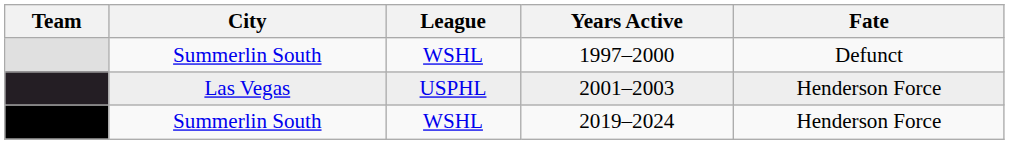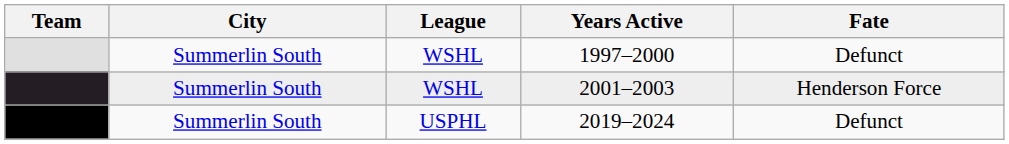 <table class="wikitable sortable" width="60%">
 <tr>
 <th>Team</th>
 <th>City</th>
 <th>League</th>
 <th>Years Active</th>
 <th>Fate</th>
 </tr>
 <tr align=center>
 <td style="color:white; background:#e0e0e0; "><strong></strong></td>
 <td><a href='#'>Summerlin South</a></td>
 <td><a href='#'>WSHL</a></td>
 <td>1997–2000</td>
 <td>Defunct</td>
 </tr>
 <tr align=center bgcolor=eeeeee>
 <td style="color:white; background:#241e24; "><strong><a href='#'></a></strong></td>
-<td><a href='#'>Las Vegas</a></td>
-<td><a href='#'>USPHL</a></td>
+<td><a href='#'>Summerlin South</a></td>
+<td><a href='#'>WSHL</a></td>
 <td>2001–2003</td>
 <td>Henderson Force</td>
 </tr>
 <tr align=center>
 <td style="color:white; background:#000000; "><strong><a href='#'></a></strong></td>
 <td><a href='#'>Summerlin South</a></td>
-<td><a href='#'>WSHL</a></td>
+<td><a href='#'>USPHL</a></td>
 <td>2019–2024</td>
-<td>Henderson Force</td>
+<td>Defunct</td>
 </tr>
 </table>
